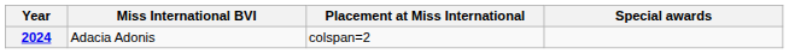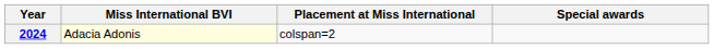 <table class="wikitable " style="font-size: 90%;">
 <tr>
 <th width="60">Year</th>
 <th width="250">Miss International BVI</th>
 <th width="250">Placement at Miss International</th>
 <th width="250">Special awards</th>
 </tr>
 <tr>
 <th><a href='#'>2024</a></th>
-<td>Adacia Adonis</td>
+<td style="background: lightyellow;">Adacia Adonis</td>
 <td>colspan=2 </td>
 </tr>
 </table>
